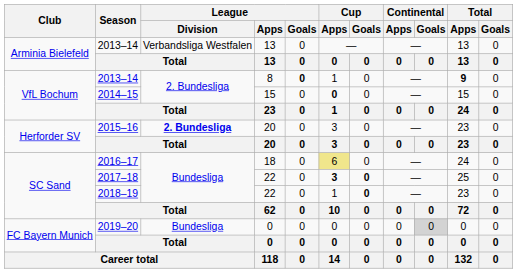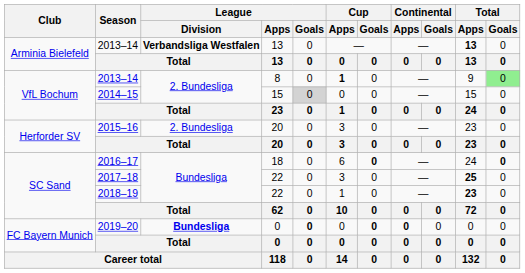 <table class="wikitable" style="text-align:center">
 <tr>
 <th rowspan="2">Club</th>
 <th rowspan="2">Season</th>
 <th colspan="3">League</th>
 <th colspan="2">Cup</th>
 <th colspan="2">Continental</th>
 <th colspan="2">Total</th>
 </tr>
 <tr>
 <th>Division</th>
 <th>Apps</th>
 <th>Goals</th>
 <th>Apps</th>
 <th>Goals</th>
 <th>Apps</th>
 <th>Goals</th>
 <th>Apps</th>
 <th>Goals</th>
 </tr>
 <tr>
 <td rowspan="2"><a href='#'>Arminia Bielefeld</a></td>
 <td>2013–14</td>
-<td>Verbandsliga Westfalen</td>
+<td><strong>Verbandsliga Westfalen</strong></td>
 <td>13</td>
 <td>0</td>
 <td colspan="2">—</td>
 <td colspan="2">—</td>
-<td>13</td>
+<td><strong>13</strong></td>
 <td>0</td>
 </tr>
 <tr>
 <th colspan=2>Total</th>
 <th>13</th>
 <th>0</th>
 <th>0</th>
 <th>0</th>
 <th>0</th>
 <th>0</th>
 <th>13</th>
 <th>0</th>
 </tr>
 <tr>
 <td rowspan="3"><a href='#'>VfL Bochum</a></td>
 <td><a href='#'>2013–14</a></td>
 <td rowspan="2"><a href='#'>2. Bundesliga</a></td>
 <td>8</td>
-<td><strong>0</strong></td>
-<td>1</td>
+<td>0</td>
+<td><strong>1</strong></td>
 <td>0</td>
 <td colspan="2">—</td>
-<td><strong>9</strong></td>
-<td>0</td>
+<td>9</td>
+<td style="background: lightgreen;">0</td>
 </tr>
 <tr>
 <td><a href='#'>2014–15</a></td>
 <td>15</td>
+<td style="background: lightgrey;">0</td>
 <td>0</td>
-<td><strong>0</strong></td>
 <td>0</td>
 <td colspan="2">—</td>
 <td>15</td>
 <td>0</td>
 </tr>
 <tr>
 <th colspan=2>Total</th>
 <th>23</th>
 <th>0</th>
 <th>1</th>
 <th>0</th>
 <th>0</th>
 <th>0</th>
 <th>24</th>
 <th>0</th>
 </tr>
 <tr>
 <td rowspan="2"><a href='#'>Herforder SV</a></td>
 <td><a href='#'>2015–16</a></td>
-<td><strong><a href='#'>2. Bundesliga</a></strong></td>
+<td><a href='#'>2. Bundesliga</a></td>
 <td>20</td>
 <td>0</td>
 <td>3</td>
 <td>0</td>
 <td colspan="2">—</td>
 <td>23</td>
 <td>0</td>
 </tr>
 <tr>
 <th colspan=2>Total</th>
 <th>20</th>
 <th>0</th>
 <th>3</th>
 <th>0</th>
 <th>0</th>
 <th>0</th>
 <th>23</th>
 <th>0</th>
 </tr>
 <tr>
 <td rowspan="4"><a href='#'>SC Sand</a></td>
 <td><a href='#'>2016–17</a></td>
 <td rowspan="3"><a href='#'>Bundesliga</a></td>
 <td>18</td>
 <td>0</td>
-<td style="background: khaki;">6</td>
-<td>0</td>
+<td>6</td>
+<td><strong>0</strong></td>
 <td colspan="2">—</td>
 <td>24</td>
-<td>0</td>
+<td><strong>0</strong></td>
 </tr>
 <tr>
 <td><a href='#'>2017–18</a></td>
 <td>22</td>
 <td>0</td>
-<td><strong>3</strong></td>
-<td><strong>0</strong></td>
+<td>3</td>
+<td>0</td>
 <td colspan="2">—</td>
-<td>25</td>
+<td><strong>25</strong></td>
 <td>0</td>
 </tr>
 <tr>
 <td><a href='#'>2018–19</a></td>
 <td>22</td>
 <td>0</td>
 <td>1</td>
-<td><strong>0</strong></td>
+<td>0</td>
 <td colspan="2">—</td>
-<td>23</td>
+<td><strong>23</strong></td>
 <td>0</td>
 </tr>
 <tr>
 <th colspan=2>Total</th>
 <th>62</th>
 <th>0</th>
 <th>10</th>
 <th>0</th>
 <th>0</th>
 <th>0</th>
 <th>72</th>
 <th>0</th>
 </tr>
 <tr>
 <td rowspan="2"><a href='#'>FC Bayern Munich</a></td>
 <td><a href='#'>2019–20</a></td>
-<td><a href='#'>Bundesliga</a></td>
+<td><strong><a href='#'>Bundesliga</a></strong></td>
 <td>0</td>
+<td><strong>0</strong></td>
 <td>0</td>
+<td><strong>0</strong></td>
+<td><strong>0</strong></td>
 <td>0</td>
-<td>0</td>
-<td>0</td>
-<td style="background: lightgrey;">0</td>
 <td>0</td>
 <td>0</td>
 </tr>
 <tr>
 <th colspan=2>Total</th>
 <th>0</th>
 <th>0</th>
 <th>0</th>
 <th>0</th>
 <th>0</th>
 <th>0</th>
 <th>0</th>
 <th>0</th>
 </tr>
 <tr>
 <th colspan=3>Career total</th>
 <th>118</th>
 <th>0</th>
 <th>14</th>
 <th>0</th>
 <th>0</th>
 <th>0</th>
 <th>132</th>
 <th>0</th>
 </tr>
 </table>
